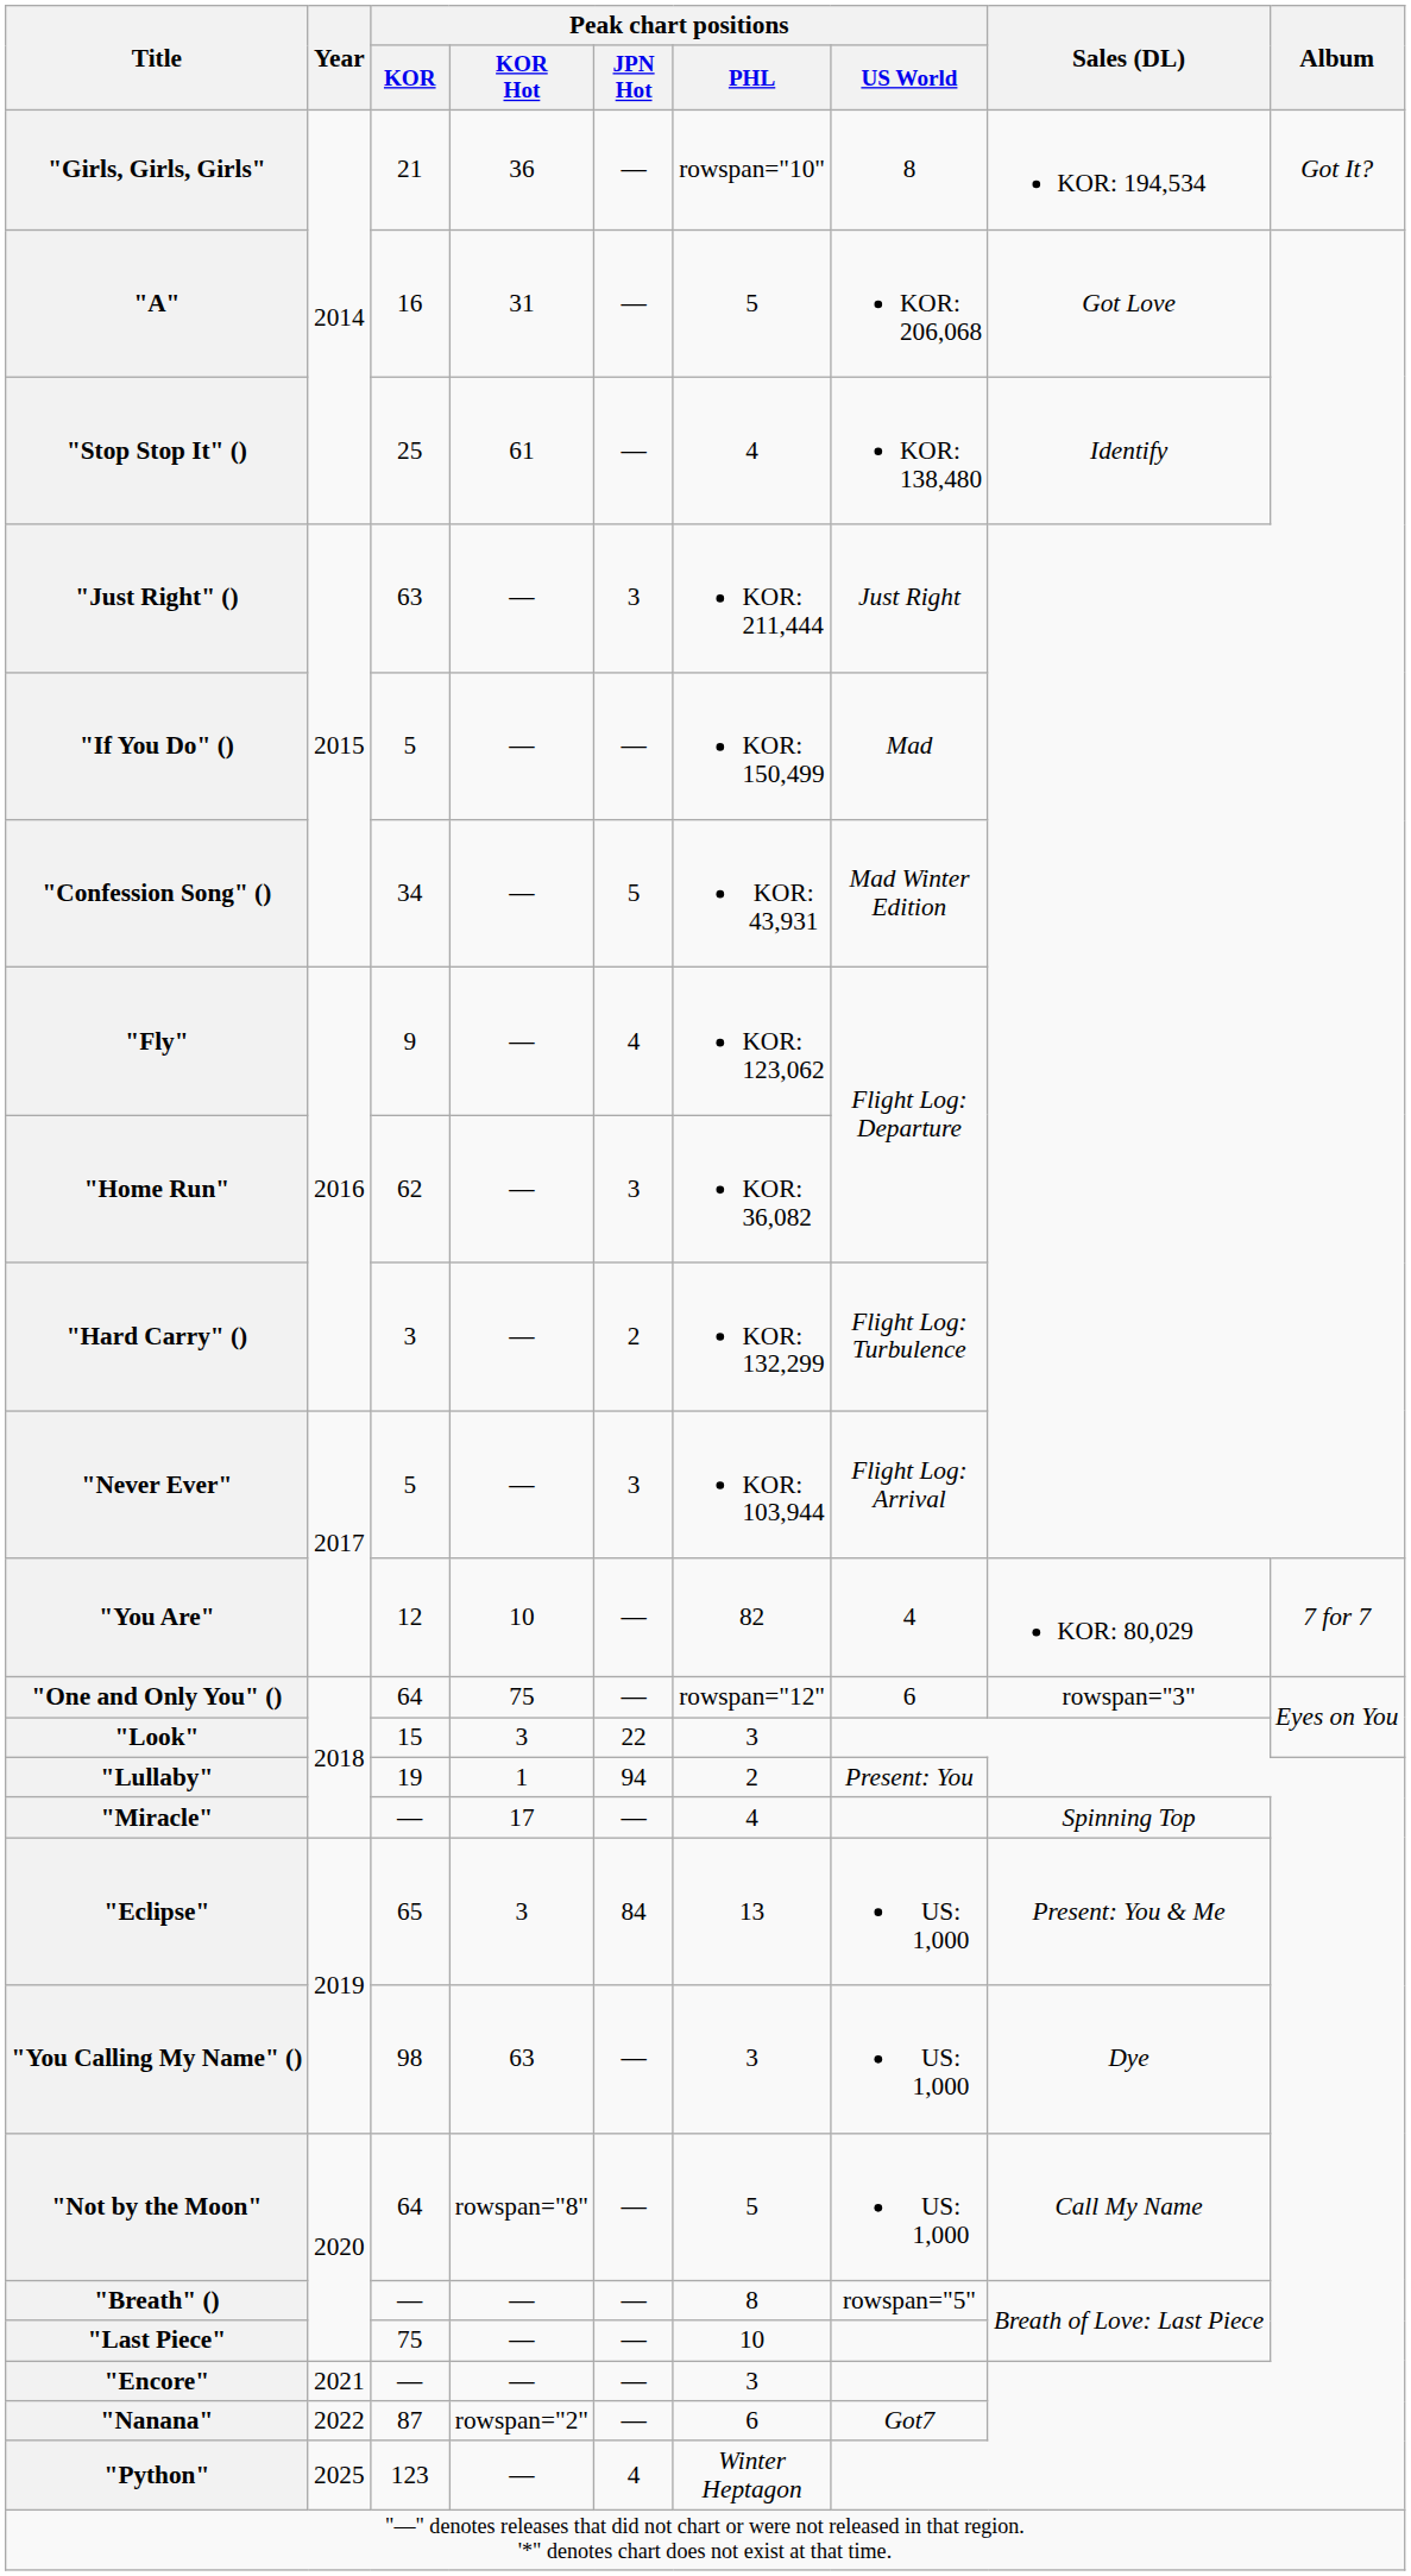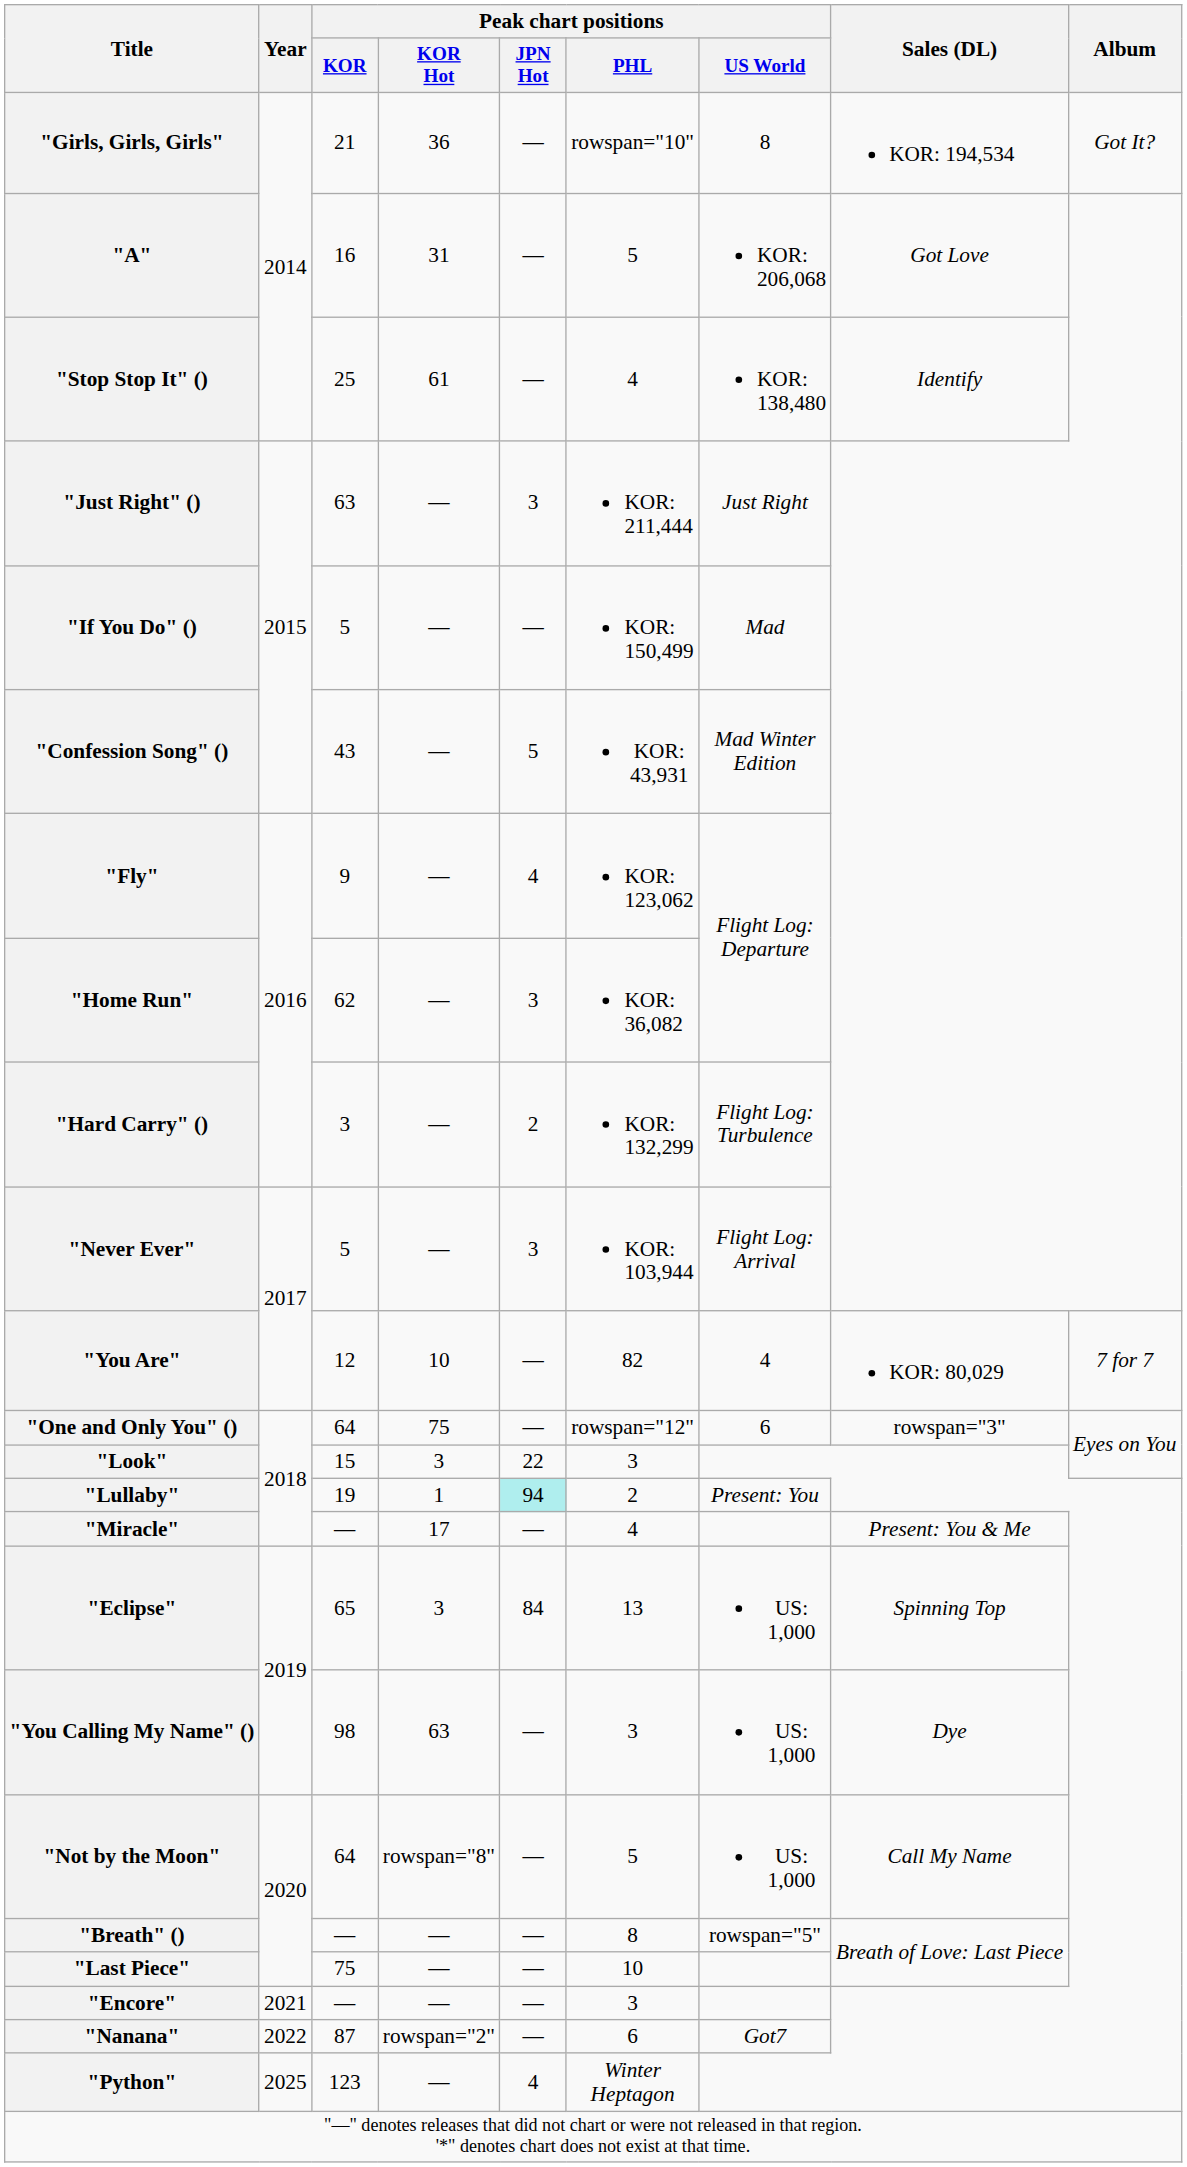 <table class="wikitable plainrowheaders" style="text-align:center">
 <tr>
 <th scope="col" rowspan="2">Title</th>
 <th scope="col" rowspan="2">Year</th>
 <th scope="col" colspan="5">Peak chart positions</th>
 <th scope="col" rowspan="2">Sales (DL)</th>
 <th scope="col" rowspan="2">Album</th>
 </tr>
 <tr>
 <th scope="col" style="width:3em;font-size:90%"><a href='#'>KOR</a><br></th>
 <th scope="col" style="width:3em;font-size:90%"><a href='#'>KOR<br>Hot</a><br></th>
 <th scope="col" style="width:3em;font-size:90%"><a href='#'>JPN<br>Hot</a><br></th>
 <th scope="col" style="width:3em;font-size:90%"><a href='#'>PHL</a><br></th>
 <th scope="col" style="width:3em;font-size:90%"><a href='#'>US World</a><br></th>
 </tr>
 <tr>
 <th scope="row">"Girls, Girls, Girls"</th>
 <td rowspan="3">2014</td>
 <td>21</td>
 <td>36</td>
 <td>—</td>
 <td>rowspan="10" </td>
 <td>8</td>
 <td style="text-align:left"><br><ul><li>KOR: 194,534</li></ul></td>
 <td><em>Got It?</em></td>
 </tr>
 <tr>
 <th scope="row">"A"</th>
 <td>16</td>
 <td>31</td>
 <td>—</td>
 <td>5</td>
 <td style="text-align:left"><br><ul><li>KOR: 206,068</li></ul></td>
 <td><em>Got Love</em></td>
 </tr>
 <tr>
 <th scope="row">"Stop Stop It" ()</th>
 <td>25</td>
 <td>61</td>
 <td>—</td>
 <td>4</td>
 <td style="text-align:left"><br><ul><li>KOR: 138,480</li></ul></td>
 <td><em>Identify</em></td>
 </tr>
 <tr>
 <th scope="row">"Just Right" ()</th>
 <td rowspan="3">2015</td>
 <td>63</td>
 <td>—</td>
 <td>3</td>
 <td style="text-align:left"><br><ul><li>KOR: 211,444</li></ul></td>
 <td><em>Just Right</em></td>
 </tr>
 <tr>
 <th scope="row">"If You Do" ()</th>
 <td>5</td>
 <td>—</td>
 <td>—</td>
 <td style="text-align:left"><br><ul><li>KOR: 150,499</li></ul></td>
 <td><em>Mad</em></td>
 </tr>
 <tr>
 <th scope="row">"Confession Song" ()</th>
-<td>34</td>
+<td>43</td>
 <td>—</td>
 <td>5</td>
 <td><br><ul><li>KOR: 43,931</li></ul></td>
 <td><em>Mad Winter Edition</em></td>
 </tr>
 <tr>
 <th scope="row">"Fly"</th>
 <td rowspan="3">2016</td>
 <td>9</td>
 <td>—</td>
 <td>4</td>
 <td style="text-align:left"><br><ul><li>KOR: 123,062</li></ul></td>
 <td rowspan="2"><em>Flight Log: Departure</em></td>
 </tr>
 <tr>
 <th scope="row">"Home Run"</th>
 <td>62</td>
 <td>—</td>
 <td>3</td>
 <td style="text-align:left"><br><ul><li>KOR: 36,082</li></ul></td>
 </tr>
 <tr>
 <th scope="row">"Hard Carry" ()</th>
 <td>3</td>
 <td>—</td>
 <td>2</td>
 <td style="text-align:left"><br><ul><li>KOR: 132,299</li></ul></td>
 <td><em>Flight Log: Turbulence</em></td>
 </tr>
 <tr>
 <th scope="row">"Never Ever"</th>
 <td rowspan="2">2017</td>
 <td>5</td>
 <td>—</td>
 <td>3</td>
 <td style="text-align:left"><br><ul><li>KOR: 103,944</li></ul></td>
 <td><em>Flight Log: Arrival</em></td>
 </tr>
 <tr>
 <th scope="row">"You Are"</th>
 <td>12</td>
 <td>10</td>
 <td>—</td>
 <td>82</td>
 <td>4</td>
 <td style="text-align:left"><br><ul><li>KOR: 80,029</li></ul></td>
 <td><em>7 for 7</em></td>
 </tr>
 <tr>
 <th scope="row">"One and Only You" ()<br></th>
 <td rowspan="4">2018</td>
 <td>64</td>
 <td>75</td>
 <td>—</td>
 <td>rowspan="12" </td>
 <td>6</td>
 <td>rowspan="3" </td>
 <td rowspan="2"><em>Eyes on You</em></td>
 </tr>
 <tr>
 <th scope="row">"Look"</th>
 <td>15</td>
 <td>3</td>
 <td>22</td>
 <td>3</td>
 </tr>
 <tr>
 <th scope="row">"Lullaby"</th>
 <td>19</td>
 <td>1</td>
-<td>94</td>
+<td style="background: paleturquoise;">94</td>
 <td>2</td>
 <td><em>Present: You</em></td>
 </tr>
 <tr>
 <th scope="row">"Miracle"</th>
 <td>—</td>
 <td>17</td>
 <td>—</td>
 <td>4</td>
 <td></td>
-<td><em>Spinning Top</em></td>
+<td><em>Present: You & Me</em></td>
 </tr>
 <tr>
 <th scope="row">"Eclipse"</th>
 <td rowspan="2">2019</td>
 <td>65</td>
 <td>3</td>
 <td>84</td>
 <td>13</td>
 <td><br><ul><li>US: 1,000</li></ul></td>
-<td><em>Present: You & Me</em></td>
+<td><em>Spinning Top</em></td>
 </tr>
 <tr>
 <th scope="row">"You Calling My Name" ()</th>
 <td>98</td>
 <td>63</td>
 <td>—</td>
 <td>3</td>
 <td><br><ul><li>US: 1,000</li></ul></td>
 <td><em>Dye</em></td>
 </tr>
 <tr>
 <th scope="row">"Not by the Moon"</th>
 <td rowspan="3">2020</td>
 <td>64</td>
 <td>rowspan="8" </td>
 <td>—</td>
 <td>5</td>
 <td><br><ul><li>US: 1,000</li></ul></td>
 <td><em>Call My Name</em></td>
 </tr>
 <tr>
 <th scope="row">"Breath" ()</th>
 <td>—</td>
 <td>—</td>
 <td>—</td>
 <td>8</td>
 <td>rowspan="5" </td>
 <td rowspan="2"><em>Breath of Love: Last Piece</em></td>
 </tr>
 <tr>
 <th scope="row">"Last Piece"</th>
 <td>75</td>
 <td>—</td>
 <td>—</td>
 <td>10</td>
 </tr>
 <tr>
 <th scope="row">"Encore"</th>
 <td>2021</td>
 <td>—</td>
 <td>—</td>
 <td>—</td>
 <td>3</td>
 <td></td>
 </tr>
 <tr>
 <th scope="row">"Nanana"</th>
 <td>2022</td>
 <td>87</td>
 <td>rowspan="2" </td>
 <td>—</td>
 <td>6</td>
 <td><em>Got7</em></td>
 </tr>
 <tr>
 <th scope="row">"Python"</th>
 <td>2025</td>
 <td>123</td>
 <td>—</td>
 <td>4</td>
 <td><em>Winter Heptagon</em></td>
 </tr>
 <tr>
 <td colspan="9" style="font-size:85%">"—" denotes releases that did not chart or were not released in that region.<br>'*" denotes chart does not exist at that time.</td>
 </tr>
 </table>
